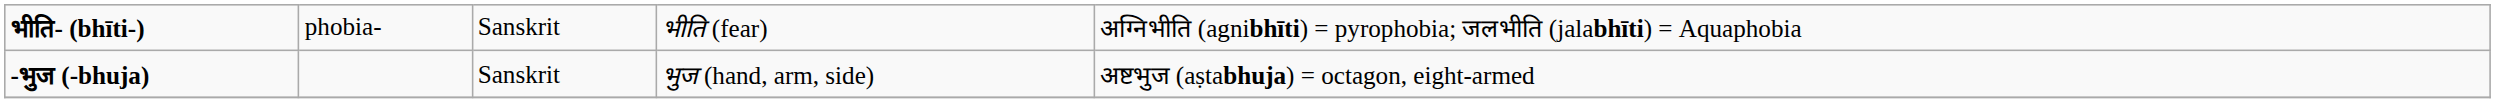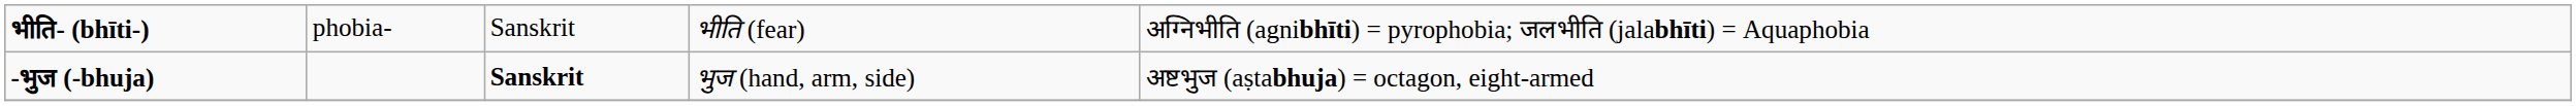 <table class="wikitable sortable" width="100%">
 <tr>
 <td><strong>भीति- (bhīti-)</strong></td>
 <td>phobia-</td>
 <td>Sanskrit</td>
 <td><em>भीति</em> (fear)</td>
 <td>अग्निभीति (agni<strong>bhīti</strong>) = pyrophobia; जलभीति (jala<strong>bhīti</strong>) = Aquaphobia</td>
 </tr>
 <tr>
 <td><strong>-भुज (-bhuja)</strong></td>
 <td></td>
-<td>Sanskrit</td>
+<td><strong>Sanskrit</strong></td>
 <td><em>भुज</em> (hand, arm, side)</td>
 <td>अष्टभुज (aṣta<strong>bhuja</strong>) = octagon, eight-armed</td>
 </tr>
 <tr>
 </tr>
 </table>
